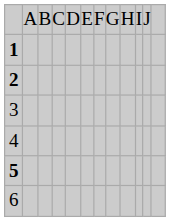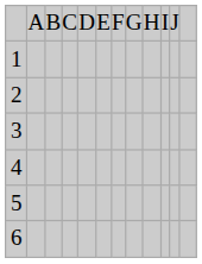 <table class="wikitable floatright" style="font-size:100%;text-align:center;background-color:#ccc;">
 <tr>
 <td> </td>
 <td style="padding:0px;">A</td>
 <td style="padding:0px;">B</td>
 <td style="padding:0px;">C</td>
 <td style="padding:0px;">D</td>
 <td style="padding:0px;">E</td>
 <td style="padding:0px;">F</td>
 <td style="padding:0px;">G</td>
 <td style="padding:0px;">H</td>
 <td style="padding:0px;">I</td>
 <td style="padding:0px;">J</td>
 <td> </td>
 </tr>
 <tr>
-<td><strong>1</strong></td>
+<td>1</td>
 <td style="padding:0px;"> </td>
 <td style="padding:0px;"> </td>
 <td style="padding:0px;"></td>
 <td style="padding:0px;"></td>
 <td style="padding:0px;"> </td>
 <td style="padding:0px;"></td>
 <td style="padding:0px;"></td>
 <td style="padding:0px;"></td>
 <td style="padding:0px;"></td>
 <td style="padding:0px;"></td>
 <td> </td>
 </tr>
 <tr>
-<td><strong>2</strong></td>
+<td>2</td>
 <td style="padding:0px;"> </td>
 <td style="padding:0px;"></td>
 <td style="padding:0px;"></td>
 <td style="padding:0px;"></td>
 <td style="padding:0px;"></td>
 <td style="padding:0px;"></td>
 <td style="padding:0px;"></td>
 <td style="padding:0px;"></td>
 <td style="padding:0px;"></td>
 <td style="padding:0px;"></td>
 <td> </td>
 </tr>
 <tr>
 <td>3</td>
 <td style="padding:0px;"></td>
 <td style="padding:0px;"></td>
 <td style="padding:0px;"></td>
 <td style="padding:0px;"></td>
 <td style="padding:0px;"></td>
 <td style="padding:0px;"></td>
 <td style="padding:0px;"></td>
 <td style="padding:0px;"></td>
 <td style="padding:0px;"> </td>
 <td style="padding:0px;"></td>
 <td> </td>
 </tr>
 <tr>
 <td>4</td>
 <td style="padding:0px;"> </td>
 <td style="padding:0px;"> </td>
 <td style="padding:0px;"></td>
 <td style="padding:0px;"></td>
 <td style="padding:0px;"></td>
 <td style="padding:0px;"></td>
 <td style="padding:0px;"></td>
 <td style="padding:0px;"></td>
 <td style="padding:0px;"></td>
 <td style="padding:0px;"></td>
 <td> </td>
 </tr>
 <tr>
-<td><strong>5</strong></td>
+<td>5</td>
 <td style="padding:0px;"> </td>
 <td style="padding:0px;"> </td>
 <td style="padding:0px;"></td>
 <td style="padding:0px;"></td>
 <td style="padding:0px;"></td>
 <td style="padding:0px;"></td>
 <td style="padding:0px;"></td>
 <td style="padding:0px;"> </td>
 <td style="padding:0px;"></td>
 <td style="padding:0px;"></td>
 <td> </td>
 </tr>
 <tr>
 <td>6</td>
 <td style="padding:0px;"> </td>
 <td style="padding:0px;"> </td>
 <td style="padding:0px;"></td>
 <td style="padding:0px;"></td>
 <td style="padding:0px;"></td>
 <td style="padding:0px;"> </td>
 <td style="padding:0px;"></td>
 <td style="padding:0px;"></td>
 <td style="padding:0px;"> </td>
 <td style="padding:0px;"> </td>
 <td> </td>
 </tr>
 </table>
